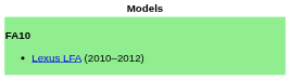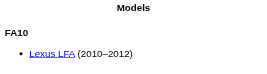 <table>
 <tr>
 <th style="width:50%">Models</th>
 </tr>
 <tr>
-<td style="background: lightgreen; width:50%"><br><strong>FA10</strong><ul><li><a href='#'>Lexus LFA</a> (2010–2012)</li></ul></td>
+<td style="width:50%"><br><strong>FA10</strong><ul><li><a href='#'>Lexus LFA</a> (2010–2012)</li></ul></td>
 </tr>
 </table>
